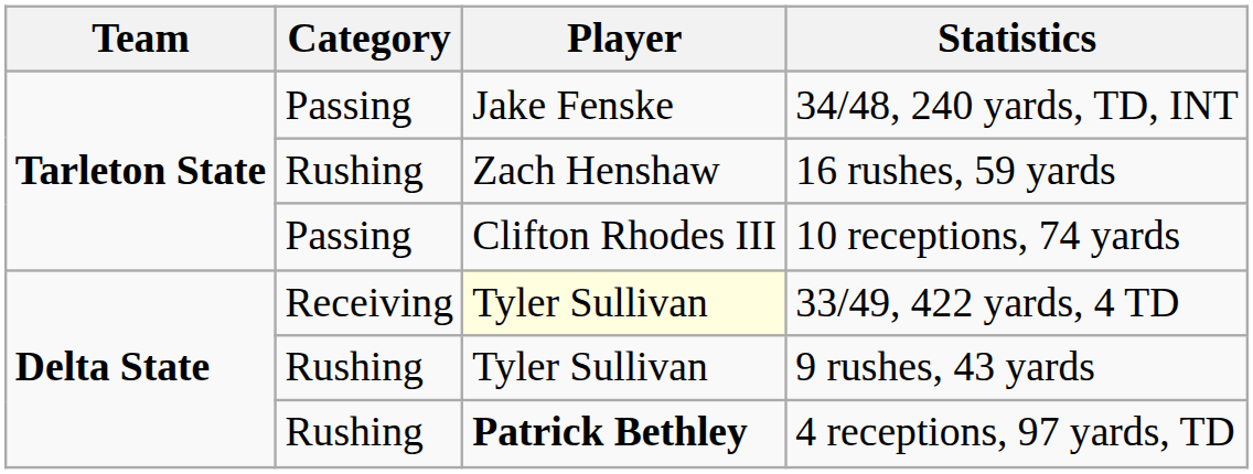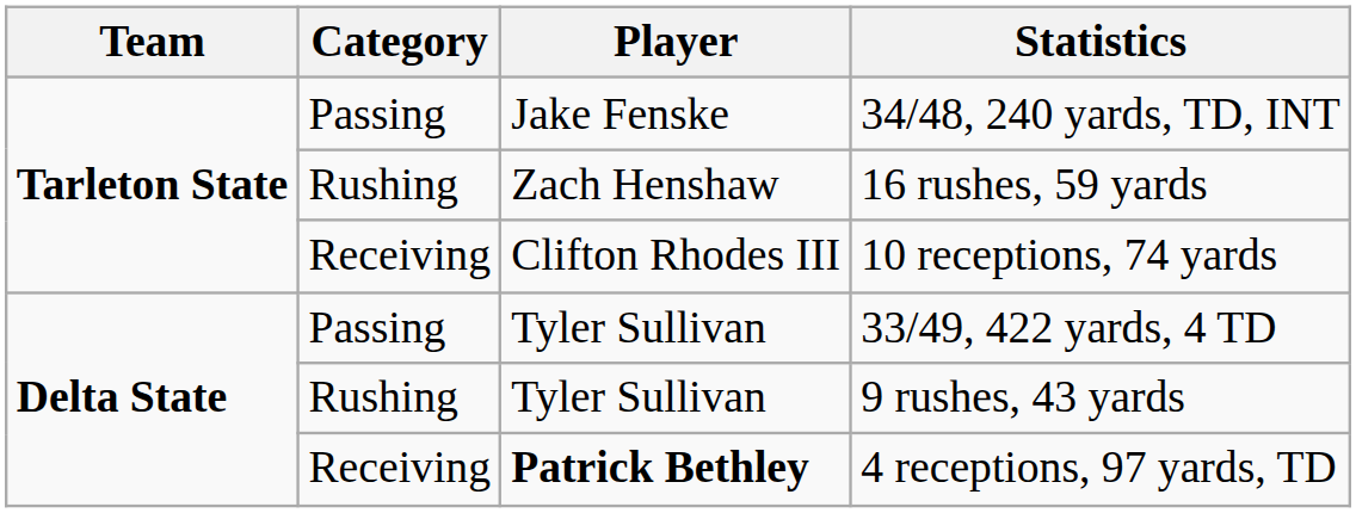 <table class="wikitable" style="float: left;">
 <tr>
 <th>Team</th>
 <th>Category</th>
 <th>Player</th>
 <th>Statistics</th>
 </tr>
 <tr>
 <td rowspan=3><strong>Tarleton State</strong></td>
 <td>Passing</td>
 <td>Jake Fenske</td>
 <td>34/48, 240 yards, TD, INT</td>
 </tr>
 <tr>
 <td>Rushing</td>
 <td>Zach Henshaw</td>
 <td>16 rushes, 59 yards</td>
 </tr>
 <tr>
-<td>Passing</td>
+<td>Receiving</td>
 <td>Clifton Rhodes III</td>
 <td>10 receptions, 74 yards</td>
 </tr>
 <tr>
 <td rowspan=3><strong>Delta State</strong></td>
-<td>Receiving</td>
-<td style="background: lightyellow;">Tyler Sullivan</td>
+<td>Passing</td>
+<td>Tyler Sullivan</td>
 <td>33/49, 422 yards, 4 TD</td>
 </tr>
 <tr>
 <td>Rushing</td>
 <td>Tyler Sullivan</td>
 <td>9 rushes, 43 yards</td>
 </tr>
 <tr>
-<td>Rushing</td>
+<td>Receiving</td>
 <td><strong>Patrick Bethley</strong></td>
 <td>4 receptions, 97 yards, TD</td>
 </tr>
 </table>
